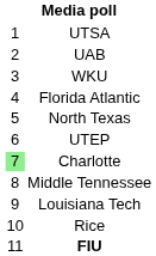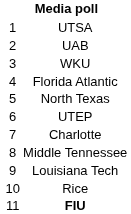 <table class="wiki table" style="display: inline-table;">
 <tr>
 <td align="center" Colspan="3"><strong>Media poll</strong></td>
 </tr>
 <tr align="center">
 </tr>
 <tr align="center">
 <td>1</td>
 <td>UTSA</td>
 </tr>
 <tr align="center">
 <td>2</td>
 <td>UAB</td>
 </tr>
 <tr align="center">
 <td>3</td>
 <td>WKU</td>
 </tr>
 <tr align="center">
 <td>4</td>
 <td>Florida Atlantic</td>
 </tr>
 <tr align="center">
 <td>5</td>
 <td>North Texas</td>
 </tr>
 <tr align="center">
 <td>6</td>
 <td>UTEP</td>
 </tr>
 <tr align="center">
-<td style="background: lightgreen;">7</td>
+<td>7</td>
 <td>Charlotte</td>
 </tr>
 <tr align="center">
 <td>8</td>
 <td>Middle Tennessee</td>
 </tr>
 <tr align="center">
 <td>9</td>
 <td>Louisiana Tech</td>
 </tr>
 <tr align="center">
 <td>10</td>
 <td>Rice</td>
 </tr>
 <tr align="center">
 <td>11</td>
 <td><strong>FIU</strong></td>
 </tr>
 </table>
